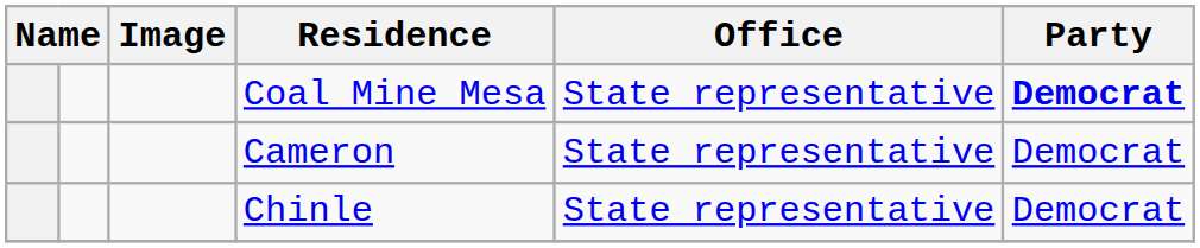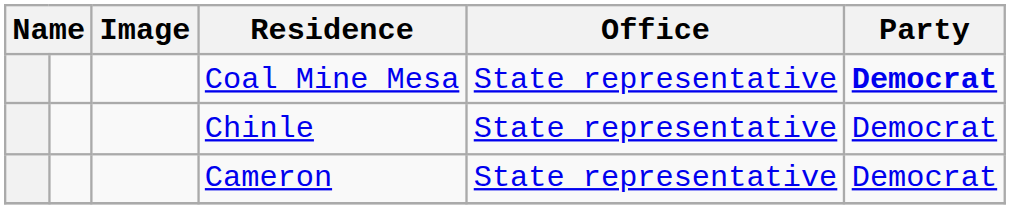 <table class="sortable wikitable">
 <tr valign=bottom>
 <th colspan="2">Name</th>
 <th>Image</th>
 <th>Residence</th>
 <th>Office</th>
 <th>Party</th>
 </tr>
 <tr>
 <th style="background-color:  "></th>
 <td></td>
 <td></td>
 <td><a href='#'>Coal Mine Mesa</a></td>
 <td><a href='#'>State representative</a></td>
 <td><strong><a href='#'>Democrat</a></strong></td>
 </tr>
 <tr>
 <th style="background-color:  "></th>
 <td></td>
 <td></td>
-<td><a href='#'>Cameron</a></td>
+<td><a href='#'>Chinle</a></td>
 <td><a href='#'>State representative</a></td>
 <td><a href='#'>Democrat</a></td>
 </tr>
 <tr>
 <th style="background-color:  "></th>
 <td></td>
 <td></td>
-<td><a href='#'>Chinle</a></td>
+<td><a href='#'>Cameron</a></td>
 <td><a href='#'>State representative</a></td>
 <td><a href='#'>Democrat</a></td>
 </tr>
 <tr>
 </tr>
 </table>
